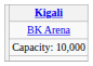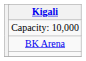 <table class="wikitable" style="text-align:center">
 <tr>
 <th rowspan="4" colspan="2"></th>
 <th><a href='#'>Kigali</a></th>
 </tr>
 <tr>
-<td><a href='#'>BK Arena</a></td>
+<td>Capacity: 10,000</td>
 </tr>
 <tr>
-<td>Capacity: 10,000</td>
+<td><a href='#'>BK Arena</a></td>
 </tr>
 <tr>
 <td></td>
 </tr>
 <tr>
 </tr>
 </table>
